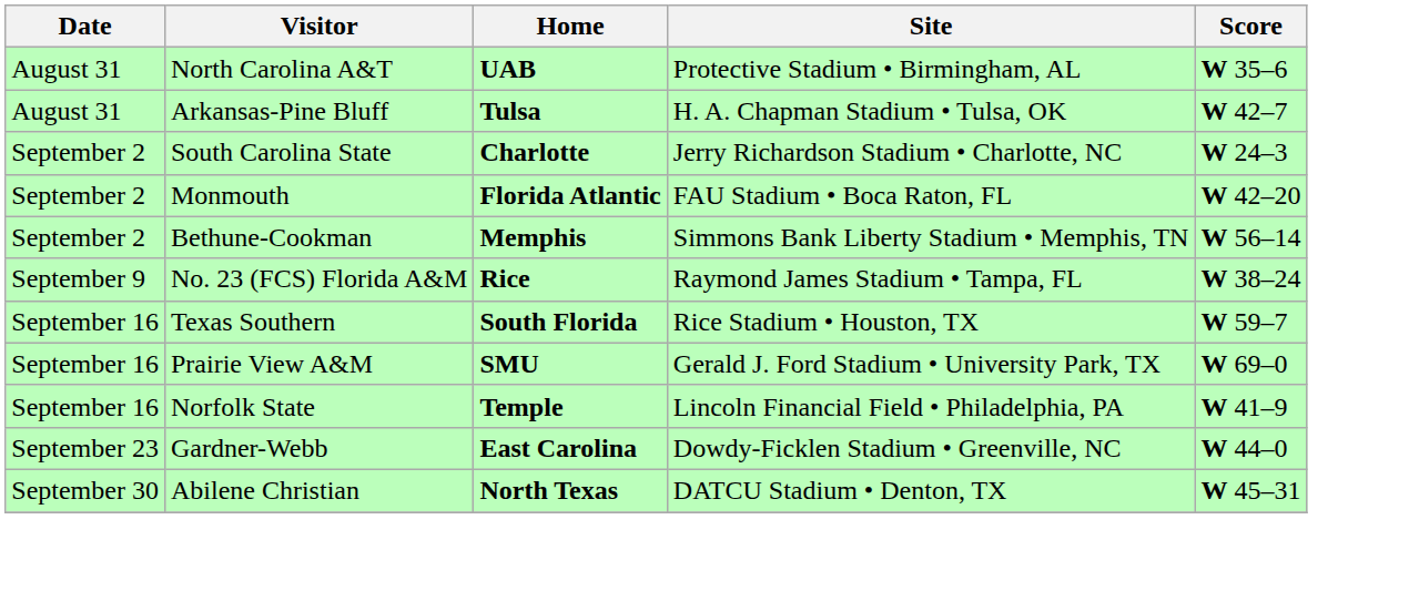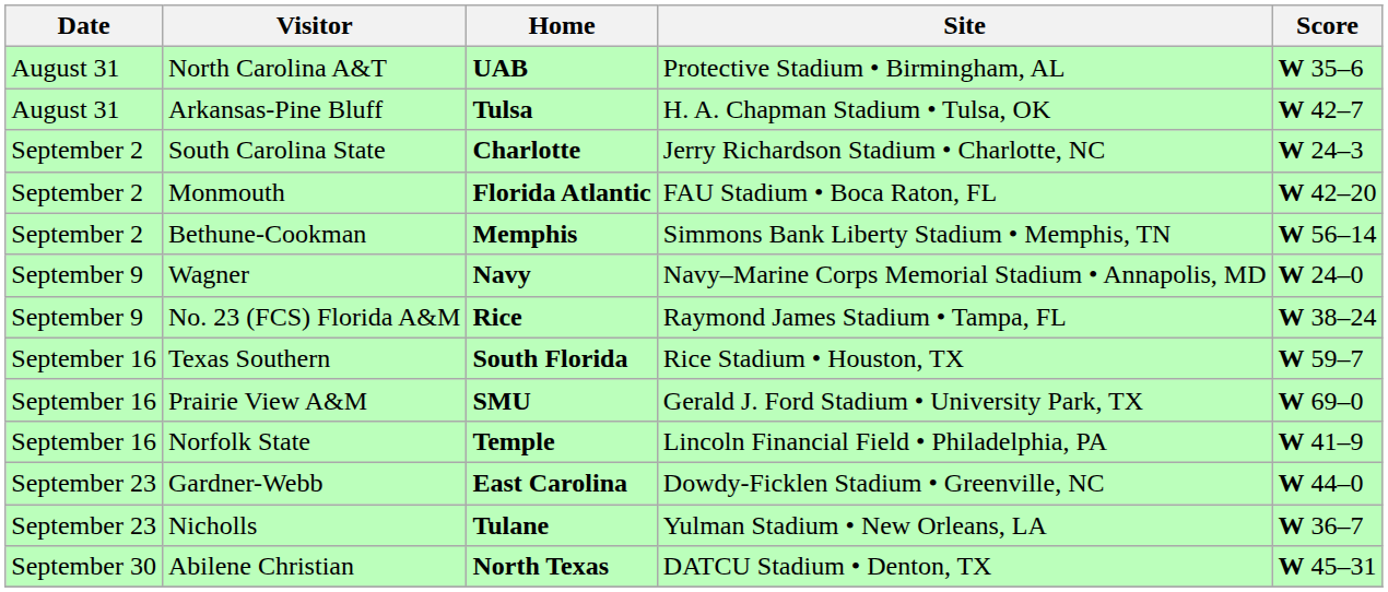 <table class="wikitable">
 <tr>
 <th>Date</th>
 <th>Visitor</th>
 <th>Home</th>
 <th>Site</th>
 <th>Score</th>
 </tr>
 <tr style="background:#bfb;">
 <td>August 31</td>
 <td>North Carolina A&T</td>
 <td><strong>UAB</strong></td>
 <td>Protective Stadium • Birmingham, AL</td>
 <td><strong>W</strong> 35–6</td>
 </tr>
 <tr style="background:#bfb;">
 <td>August 31</td>
 <td>Arkansas-Pine Bluff</td>
 <td><strong>Tulsa</strong></td>
 <td>H. A. Chapman Stadium • Tulsa, OK</td>
 <td><strong>W</strong> 42–7</td>
 </tr>
 <tr style="background:#bfb;">
 <td>September 2</td>
 <td>South Carolina State</td>
 <td><strong>Charlotte</strong></td>
 <td>Jerry Richardson Stadium • Charlotte, NC</td>
 <td><strong>W</strong> 24–3</td>
 </tr>
 <tr style="background:#bfb;">
 <td>September 2</td>
 <td>Monmouth</td>
 <td><strong>Florida Atlantic</strong></td>
 <td>FAU Stadium • Boca Raton, FL</td>
 <td><strong>W</strong> 42–20</td>
 </tr>
 <tr style="background:#bfb;">
 <td>September 2</td>
 <td>Bethune-Cookman</td>
 <td><strong>Memphis</strong></td>
 <td>Simmons Bank Liberty Stadium • Memphis, TN</td>
 <td><strong>W</strong> 56–14</td>
 </tr>
 <tr style="background:#bfb;">
 <td>September 9</td>
+<td>Wagner</td>
+<td><strong>Navy</strong></td>
+<td>Navy–Marine Corps Memorial Stadium • Annapolis, MD</td>
+<td><strong>W</strong> 24–0</td>
+</tr>
+<tr style="background:#bfb;">
+<td>September 9</td>
 <td>No. 23 (FCS) Florida A&M</td>
 <td><strong>Rice</strong></td>
 <td>Raymond James Stadium • Tampa, FL</td>
 <td><strong>W</strong> 38–24</td>
 </tr>
 <tr style="background:#bfb;">
 <td>September 16</td>
 <td>Texas Southern</td>
 <td><strong>South Florida</strong></td>
 <td>Rice Stadium • Houston, TX</td>
 <td><strong>W</strong> 59–7</td>
 </tr>
 <tr style="background:#bfb;">
 <td>September 16</td>
 <td>Prairie View A&M</td>
 <td><strong>SMU</strong></td>
 <td>Gerald J. Ford Stadium • University Park, TX</td>
 <td><strong>W</strong> 69–0</td>
 </tr>
 <tr style="background:#bfb;">
 <td>September 16</td>
 <td>Norfolk State</td>
 <td><strong>Temple</strong></td>
 <td>Lincoln Financial Field • Philadelphia, PA</td>
 <td><strong>W</strong> 41–9</td>
 </tr>
 <tr style="background:#bfb;">
 <td>September 23</td>
 <td>Gardner-Webb</td>
 <td><strong>East Carolina</strong></td>
 <td>Dowdy-Ficklen Stadium • Greenville, NC</td>
 <td><strong>W</strong> 44–0</td>
 </tr>
 <tr style="background:#bfb;">
+<td>September 23</td>
+<td>Nicholls</td>
+<td><strong>Tulane</strong></td>
+<td>Yulman Stadium • New Orleans, LA</td>
+<td><strong>W</strong> 36–7</td>
+</tr>
+<tr style="background:#bfb;">
 <td>September 30</td>
 <td>Abilene Christian</td>
 <td><strong>North Texas</strong></td>
 <td>DATCU Stadium • Denton, TX</td>
 <td><strong>W</strong> 45–31</td>
 </tr>
 <tr>
 </tr>
 </table>
